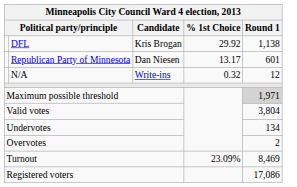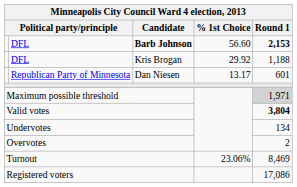 <table class="wikitable" style="font-size:95%">
 <tr>
 <th colspan="5">Minneapolis City Council Ward 4 election, 2013</th>
 </tr>
 <tr>
 <th colspan="2">Political party/principle</th>
 <th>Candidate</th>
 <th>% 1st Choice</th>
 <th>Round 1</th>
 </tr>
 <tr>
 <td style="background-color:"></td>
 <td><a href='#'>DFL</a></td>
+<td><strong>Barb Johnson</strong></td>
+<td align="right">56.60</td>
+<td align="right"><strong>2,153</strong></td>
+</tr>
+<tr>
+<td style="background-color:"></td>
+<td><a href='#'>DFL</a></td>
 <td>Kris Brogan</td>
 <td align="right">29.92</td>
-<td align="right">1,138</td>
+<td align="right">1,188</td>
 </tr>
 <tr>
 <td style="background-color:"></td>
 <td><a href='#'>Republican Party of Minnesota</a></td>
 <td>Dan Niesen</td>
 <td align="right">13.17</td>
 <td align="right">601</td>
-</tr>
-<tr>
-<td style="background-color:"></td>
-<td>N/A</td>
-<td><a href='#'>Write-ins</a></td>
-<td align="right">0.32</td>
-<td align="right">12</td>
 </tr>
 <tr>
 <td colspan="5" style="background: #E9E9E9"></td>
 </tr>
 <tr>
 <td colspan="3">Maximum possible threshold</td>
 <td rowspan="4"></td>
 <td align="right" style="background: lightgrey;">1,971</td>
 </tr>
 <tr>
 <td colspan="3">Valid votes</td>
-<td align="right">3,804</td>
+<td align="right"><strong>3,804</strong></td>
 </tr>
 <tr>
 <td colspan="3">Undervotes</td>
 <td align="right">134</td>
 </tr>
 <tr>
 <td colspan="3">Overvotes</td>
 <td align="right">2</td>
 </tr>
 <tr>
 <td colspan="3">Turnout</td>
-<td align="right">23.09%</td>
+<td align="right">23.06%</td>
 <td align="right">8,469</td>
 </tr>
 <tr>
 <td colspan="3">Registered voters</td>
 <td></td>
 <td align="right">17,086</td>
 </tr>
 </table>
